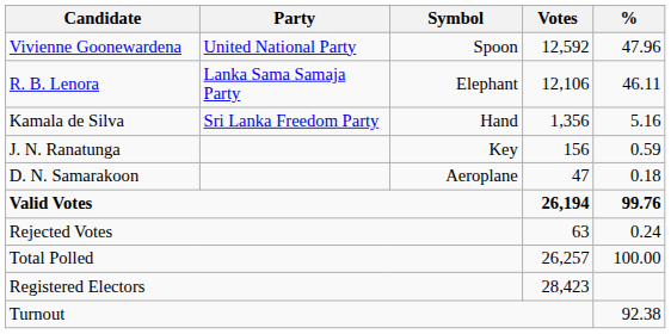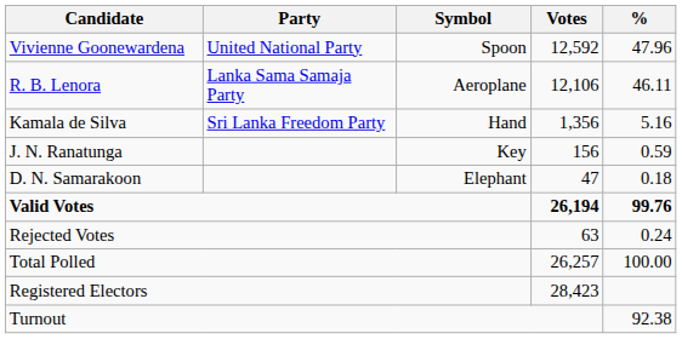 <table class="wikitable" border="1" style="text-align:right;">
 <tr>
 <th align=left width="180">Candidate</th>
 <th align=left width="180">Party</th>
 <th align=left width="120">Symbol</th>
 <th align=left width="60">Votes</th>
 <th align=left width="60">%</th>
 </tr>
 <tr>
 <td align=left><a href='#'>Vivienne Goonewardena</a></td>
 <td align=left><a href='#'>United National Party</a></td>
 <td>Spoon</td>
 <td align=right>12,592</td>
 <td align=right>47.96</td>
 </tr>
 <tr>
 <td align=left><a href='#'>R. B. Lenora</a></td>
 <td align=left><a href='#'>Lanka Sama Samaja Party</a></td>
-<td>Elephant</td>
+<td>Aeroplane</td>
 <td align=right>12,106</td>
 <td align=right>46.11</td>
 </tr>
 <tr>
 <td align=left>Kamala de Silva</td>
 <td align=left><a href='#'>Sri Lanka Freedom Party</a></td>
 <td>Hand</td>
 <td align=right>1,356</td>
 <td align=right>5.16</td>
 </tr>
 <tr>
 <td align=left>J. N. Ranatunga</td>
 <td align=left></td>
 <td>Key</td>
 <td align=right>156</td>
 <td align=right>0.59</td>
 </tr>
 <tr>
 <td align=left>D. N. Samarakoon</td>
 <td align=left></td>
-<td>Aeroplane</td>
+<td>Elephant</td>
 <td align=right>47</td>
 <td align=right>0.18</td>
 </tr>
 <tr>
 <td align=left colspan=3><strong>Valid Votes</strong></td>
 <td align=right><strong>26,194</strong></td>
 <td align=right><strong>99.76</strong></td>
 </tr>
 <tr>
 <td align=left colspan=3>Rejected Votes</td>
 <td align=right>63</td>
 <td align=right>0.24</td>
 </tr>
 <tr>
 <td align=left colspan=3>Total Polled</td>
 <td align=right>26,257</td>
 <td align=right>100.00</td>
 </tr>
 <tr>
 <td align=left colspan=3>Registered Electors</td>
 <td align=right>28,423</td>
 <td></td>
 </tr>
 <tr>
 <td align=left colspan=4>Turnout</td>
 <td align=right>92.38</td>
 </tr>
 </table>
